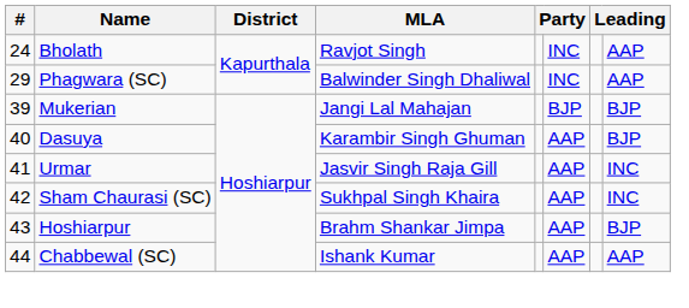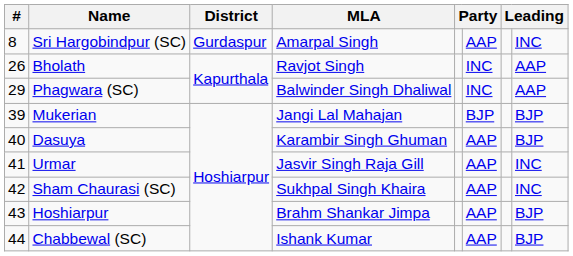 <table class="wikitable">
 <tr>
 <th>#</th>
 <th>Name</th>
 <th>District</th>
 <th>MLA</th>
 <th colspan="2">Party</th>
 <th colspan="2">Leading<br></th>
 </tr>
 <tr>
-<td>24</td>
+<td>8</td>
+<td><a href='#'>Sri Hargobindpur</a> (SC)</td>
+<td><a href='#'>Gurdaspur</a></td>
+<td><a href='#'>Amarpal Singh</a></td>
+<td style="background-color: "></td>
+<td><a href='#'>AAP</a></td>
+<td></td>
+<td><a href='#'>INC</a></td>
+</tr>
+<tr>
+<td>26</td>
 <td><a href='#'>Bholath</a></td>
 <td rowspan="2"><a href='#'>Kapurthala</a></td>
 <td><a href='#'>Ravjot Singh</a></td>
 <td style="background-color: "></td>
 <td><a href='#'>INC</a></td>
 <td></td>
 <td><a href='#'>AAP</a></td>
 </tr>
 <tr>
 <td>29</td>
 <td><a href='#'>Phagwara</a> (SC)</td>
 <td><a href='#'>Balwinder Singh Dhaliwal</a></td>
 <td style="background-color: "></td>
 <td><a href='#'>INC</a></td>
 <td></td>
 <td><a href='#'>AAP</a></td>
 </tr>
 <tr>
 <td>39</td>
 <td><a href='#'>Mukerian</a></td>
 <td rowspan="6"><a href='#'>Hoshiarpur</a></td>
 <td><a href='#'>Jangi Lal Mahajan</a></td>
 <td style="background-color: "></td>
 <td><a href='#'>BJP</a></td>
 <td></td>
 <td><a href='#'>BJP</a></td>
 </tr>
 <tr>
 <td>40</td>
 <td><a href='#'>Dasuya</a></td>
 <td><a href='#'>Karambir Singh Ghuman</a></td>
 <td style="background-color: "></td>
 <td><a href='#'>AAP</a></td>
 <td></td>
 <td><a href='#'>BJP</a></td>
 </tr>
 <tr>
 <td>41</td>
 <td><a href='#'>Urmar</a></td>
 <td><a href='#'>Jasvir Singh Raja Gill</a></td>
 <td style="background-color: "></td>
 <td><a href='#'>AAP</a></td>
 <td></td>
 <td><a href='#'>INC</a></td>
 </tr>
 <tr>
 <td>42</td>
 <td><a href='#'>Sham Chaurasi</a> (SC)</td>
 <td><a href='#'>Sukhpal Singh Khaira</a></td>
 <td style="background-color: "></td>
 <td><a href='#'>AAP</a></td>
 <td></td>
 <td><a href='#'>INC</a></td>
 </tr>
 <tr>
 <td>43</td>
 <td><a href='#'>Hoshiarpur</a></td>
 <td><a href='#'>Brahm Shankar Jimpa</a></td>
 <td style="background-color: "></td>
 <td><a href='#'>AAP</a></td>
 <td></td>
 <td><a href='#'>BJP</a></td>
 </tr>
 <tr>
 <td>44</td>
 <td><a href='#'>Chabbewal</a> (SC)</td>
 <td><a href='#'>Ishank Kumar</a></td>
 <td></td>
 <td><a href='#'>AAP</a></td>
 <td></td>
-<td><a href='#'>AAP</a></td>
+<td><a href='#'>BJP</a></td>
 </tr>
 </table>
